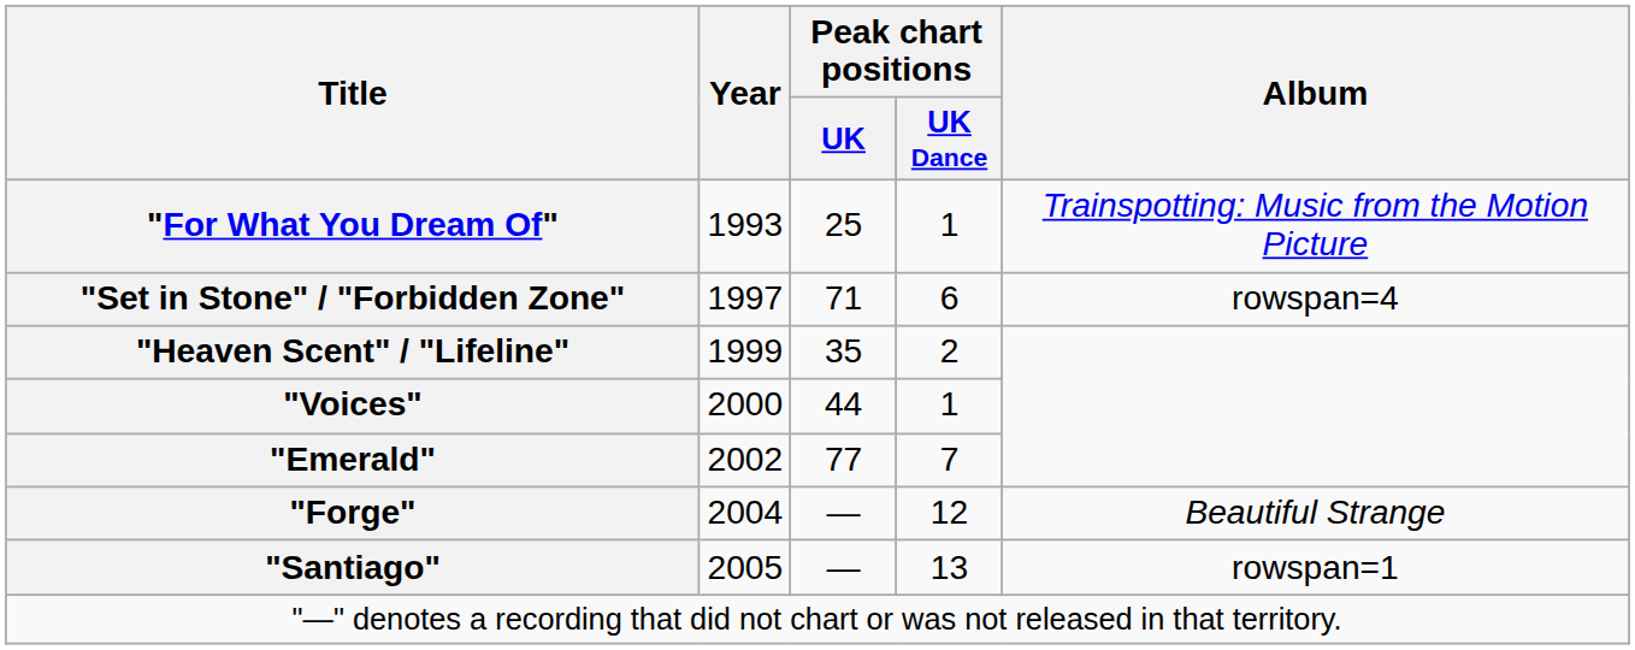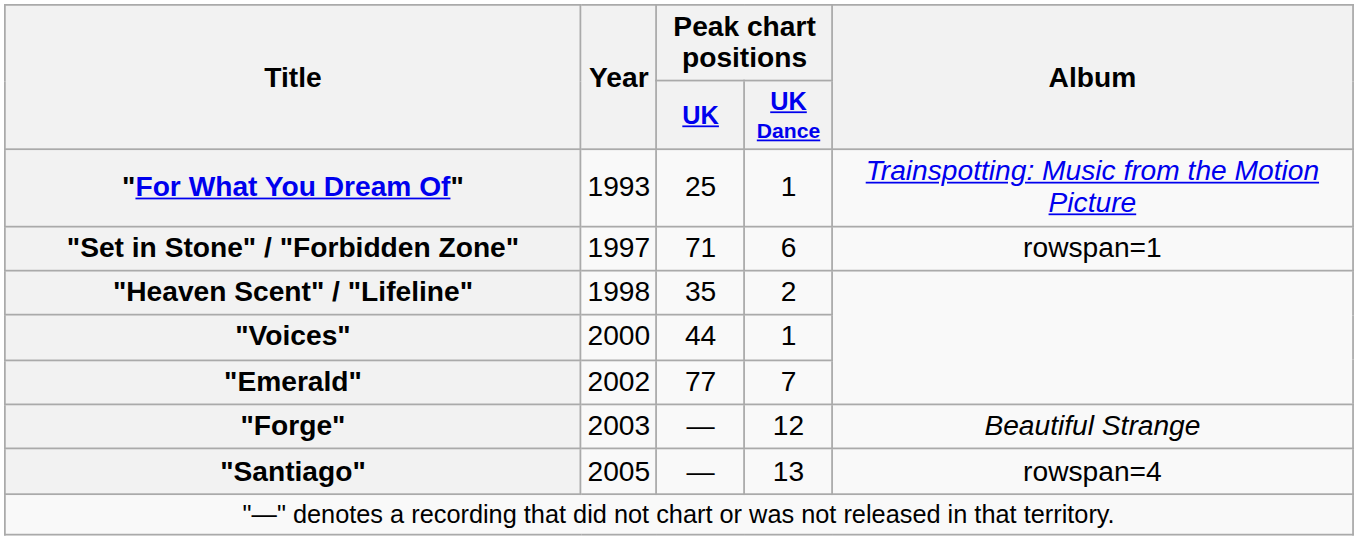 <table class="wikitable plainrowheaders" style="text-align:center;" border="1">
 <tr>
 <th scope="col" rowspan="2" style="width:20em;">Title</th>
 <th scope="col" rowspan="2" style="width:1em;">Year</th>
 <th scope="col" colspan="2">Peak chart positions</th>
 <th scope="col" rowspan="2" style="width:18em;">Album</th>
 </tr>
 <tr>
 <th scope="col" style="width:3em;font-size:90%;"><a href='#'>UK</a><br></th>
 <th scope="col" style="width:3em;font-size:90%;"><a href='#'>UK<br><small>Dance</small></a><br></th>
 </tr>
 <tr>
 <th scope="row">"<a href='#'>For What You Dream Of</a>"<br></th>
 <td rowspan="1">1993</td>
 <td>25</td>
 <td>1</td>
 <td><em><a href='#'>Trainspotting: Music from the Motion Picture</a></em></td>
 </tr>
 <tr>
 <th scope="row">"Set in Stone" / "Forbidden Zone"</th>
 <td rowspan="1">1997</td>
 <td>71</td>
 <td>6</td>
-<td>rowspan=4 </td>
+<td>rowspan=1 </td>
 </tr>
 <tr>
 <th scope="row">"Heaven Scent" / "Lifeline"</th>
-<td rowspan="1">1999</td>
+<td rowspan="1">1998</td>
 <td>35</td>
 <td>2</td>
 </tr>
 <tr>
 <th scope="row">"Voices"</th>
 <td rowspan="1">2000</td>
 <td>44</td>
 <td>1</td>
 </tr>
 <tr>
 <th scope="row">"Emerald"</th>
 <td rowspan="1">2002</td>
 <td>77</td>
 <td>7</td>
 </tr>
 <tr>
 <th scope="row">"Forge"</th>
-<td rowspan="1">2004</td>
+<td rowspan="1">2003</td>
 <td>—</td>
 <td>12</td>
 <td><em>Beautiful Strange</em></td>
 </tr>
 <tr>
 <th scope="row">"Santiago"</th>
 <td rowspan="1">2005</td>
 <td>—</td>
 <td>13</td>
-<td>rowspan=1 </td>
+<td>rowspan=4 </td>
 </tr>
 <tr>
 <td colspan="13" style="font-size:90%">"—" denotes a recording that did not chart or was not released in that territory.</td>
 </tr>
 </table>
